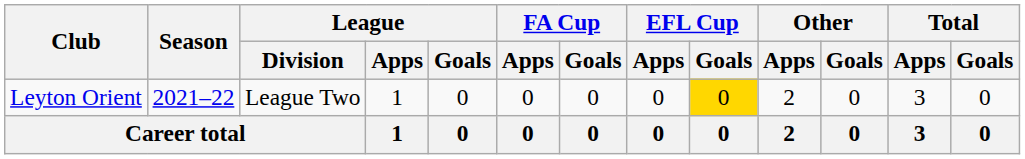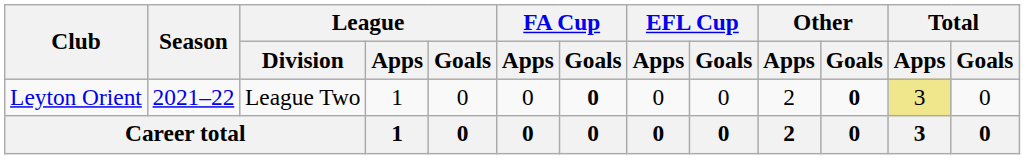 <table class="wikitable" style="text-align:center;">
 <tr>
 <th rowspan="2">Club</th>
 <th rowspan="2">Season</th>
 <th colspan="3">League</th>
 <th colspan="2"><a href='#'>FA Cup</a></th>
 <th colspan="2"><a href='#'>EFL Cup</a></th>
 <th colspan="2">Other</th>
 <th colspan="2">Total</th>
 </tr>
 <tr>
 <th>Division</th>
 <th>Apps</th>
 <th>Goals</th>
 <th>Apps</th>
 <th>Goals</th>
 <th>Apps</th>
 <th>Goals</th>
 <th>Apps</th>
 <th>Goals</th>
 <th>Apps</th>
 <th>Goals</th>
 </tr>
 <tr>
 <td><a href='#'>Leyton Orient</a></td>
 <td><a href='#'>2021–22</a></td>
 <td>League Two</td>
 <td>1</td>
 <td>0</td>
 <td>0</td>
+<td><strong>0</strong></td>
 <td>0</td>
 <td>0</td>
-<td style="background: gold;">0</td>
 <td>2</td>
-<td>0</td>
-<td>3</td>
+<td><strong>0</strong></td>
+<td style="background: khaki;">3</td>
 <td>0</td>
 </tr>
 <tr>
 <th colspan="3">Career total</th>
 <th>1</th>
 <th>0</th>
 <th>0</th>
 <th>0</th>
 <th>0</th>
 <th>0</th>
 <th>2</th>
 <th>0</th>
 <th>3</th>
 <th>0</th>
 </tr>
 </table>
